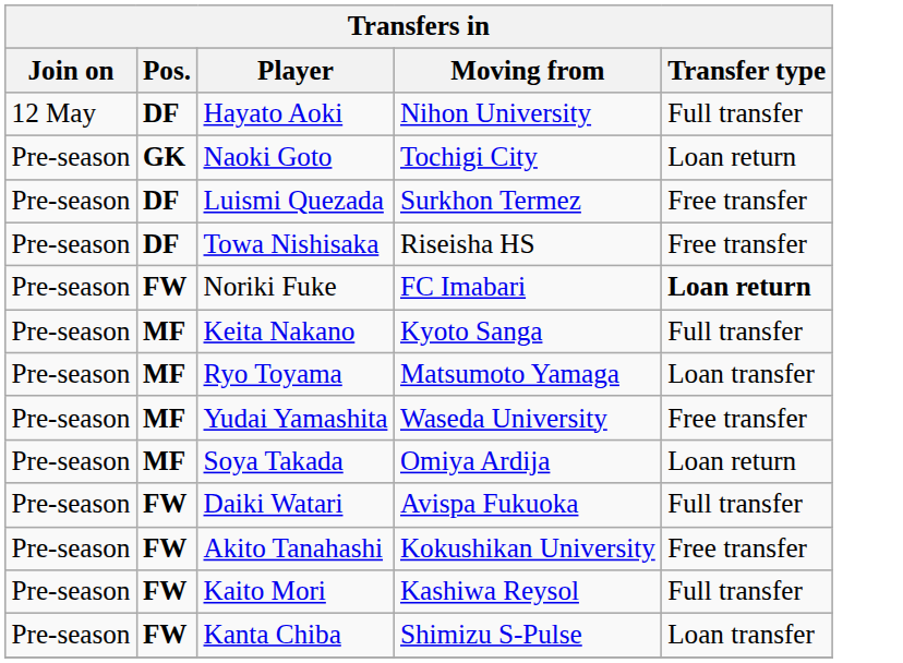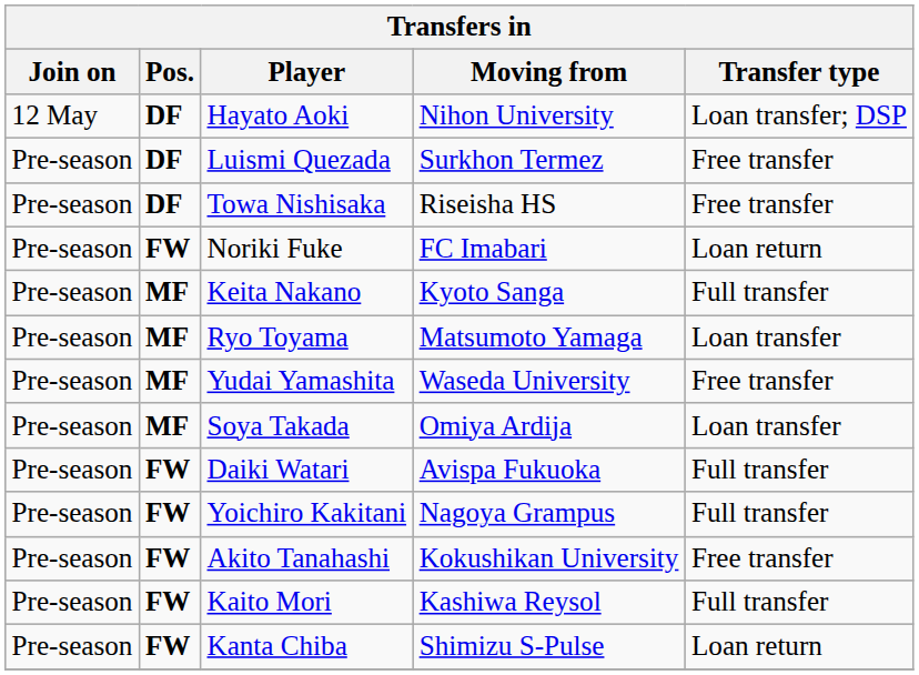 <table class="wikitable sortable" style=“text-align:left;>
 <tr>
 <th colspan="5">Transfers in</th>
 </tr>
 <tr>
 <th>Join on</th>
 <th>Pos.</th>
 <th>Player</th>
 <th>Moving from</th>
 <th>Transfer type</th>
 </tr>
 <tr>
 <td>12 May</td>
 <td><strong>DF</strong></td>
 <td> <a href='#'>Hayato Aoki</a></td>
 <td> <a href='#'>Nihon University</a></td>
-<td>Full transfer</td>
-</tr>
-<tr>
-<td>Pre-season</td>
-<td><strong>GK</strong></td>
-<td> <a href='#'>Naoki Goto</a></td>
-<td> <a href='#'>Tochigi City</a></td>
-<td>Loan return</td>
+<td>Loan transfer; <a href='#'>DSP</a></td>
 </tr>
 <tr>
 <td>Pre-season</td>
 <td><strong>DF</strong></td>
 <td> <a href='#'>Luismi Quezada</a></td>
 <td> <a href='#'>Surkhon Termez</a></td>
 <td>Free transfer</td>
 </tr>
 <tr>
 <td>Pre-season</td>
 <td><strong>DF</strong></td>
 <td> <a href='#'>Towa Nishisaka</a></td>
 <td> Riseisha HS</td>
 <td>Free transfer</td>
 </tr>
 <tr>
 <td>Pre-season</td>
 <td><strong>FW</strong></td>
 <td> Noriki Fuke</td>
 <td> <a href='#'>FC Imabari</a></td>
-<td><strong>Loan return</strong></td>
+<td>Loan return</td>
 </tr>
 <tr>
 <td>Pre-season</td>
 <td><strong>MF</strong></td>
 <td> <a href='#'>Keita Nakano</a></td>
 <td> <a href='#'>Kyoto Sanga</a></td>
 <td>Full transfer</td>
 </tr>
 <tr>
 <td>Pre-season</td>
 <td><strong>MF</strong></td>
 <td> <a href='#'>Ryo Toyama</a></td>
 <td> <a href='#'>Matsumoto Yamaga</a></td>
 <td>Loan transfer</td>
 </tr>
 <tr>
 <td>Pre-season</td>
 <td><strong>MF</strong></td>
 <td> <a href='#'>Yudai Yamashita</a></td>
 <td> <a href='#'>Waseda University</a></td>
 <td>Free transfer</td>
 </tr>
 <tr>
 <td>Pre-season</td>
 <td><strong>MF</strong></td>
 <td> <a href='#'>Soya Takada</a></td>
 <td> <a href='#'>Omiya Ardija</a></td>
-<td>Loan return</td>
+<td>Loan transfer</td>
 </tr>
 <tr>
 <td>Pre-season</td>
 <td><strong>FW</strong></td>
 <td> <a href='#'>Daiki Watari</a></td>
 <td> <a href='#'>Avispa Fukuoka</a></td>
+<td>Full transfer</td>
+</tr>
+<tr>
+<td>Pre-season</td>
+<td><strong>FW</strong></td>
+<td> <a href='#'>Yoichiro Kakitani</a></td>
+<td> <a href='#'>Nagoya Grampus</a></td>
 <td>Full transfer</td>
 </tr>
 <tr>
 <td>Pre-season</td>
 <td><strong>FW</strong></td>
 <td> <a href='#'>Akito Tanahashi</a></td>
 <td> <a href='#'>Kokushikan University</a></td>
 <td>Free transfer</td>
 </tr>
 <tr>
 <td>Pre-season</td>
 <td><strong>FW</strong></td>
 <td> <a href='#'>Kaito Mori</a></td>
 <td> <a href='#'>Kashiwa Reysol</a></td>
 <td>Full transfer</td>
 </tr>
 <tr>
 <td>Pre-season</td>
 <td><strong>FW</strong></td>
 <td> <a href='#'>Kanta Chiba</a></td>
 <td> <a href='#'>Shimizu S-Pulse</a></td>
-<td>Loan transfer</td>
+<td>Loan return</td>
 </tr>
 <tr>
 </tr>
 </table>
